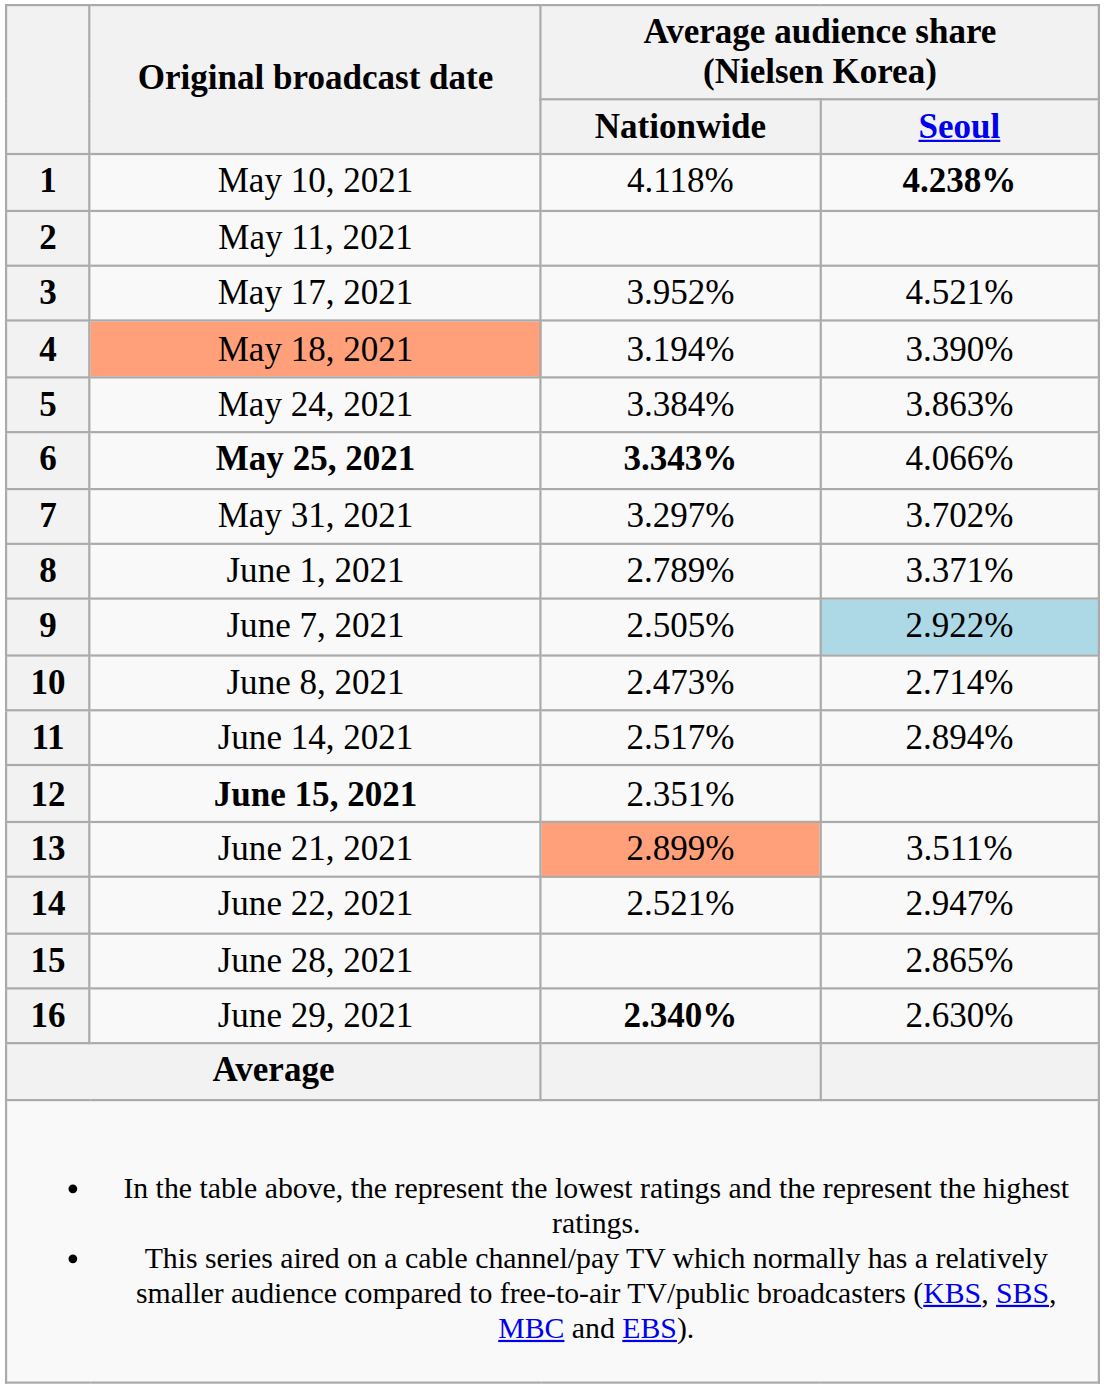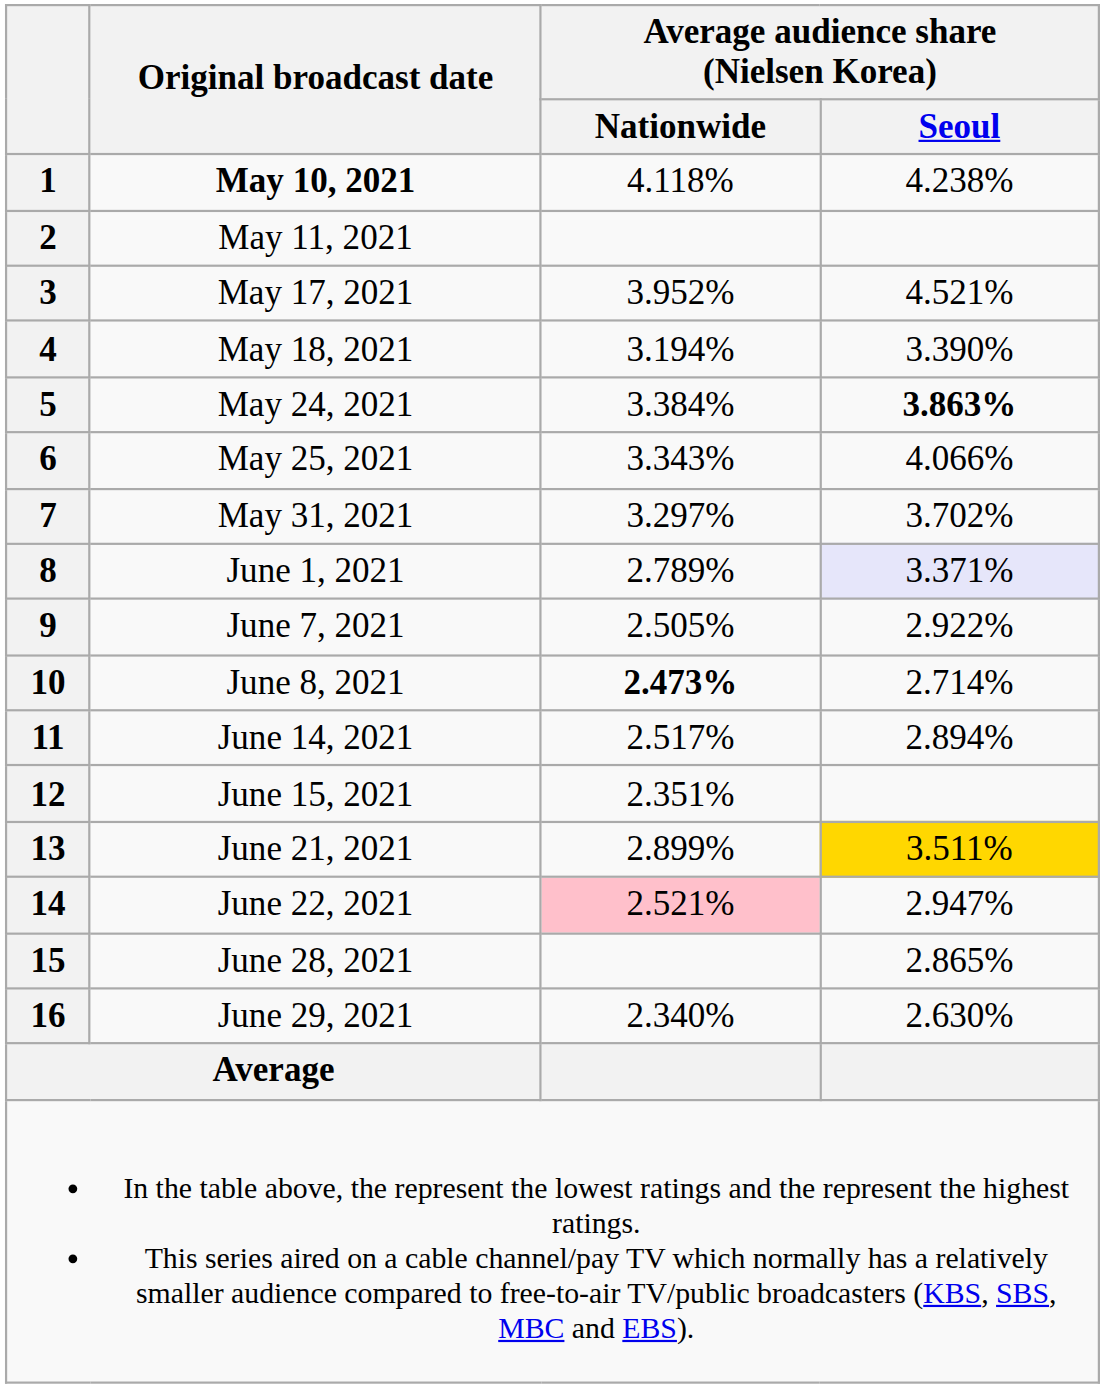 <table class="wikitable" style="text-align:center;max-width:500px; margin-left: auto; margin-right: auto; border: none;">
 <tr>
 </tr>
 <tr>
 <th rowspan="2"></th>
 <th rowspan="2">Original broadcast date</th>
 <th colspan="2">Average audience share<br>(Nielsen Korea)</th>
 </tr>
 <tr>
 <th width="120">Nationwide</th>
 <th width="120"><a href='#'>Seoul</a></th>
 </tr>
 <tr>
 <th>1</th>
-<td>May 10, 2021</td>
+<td><strong>May 10, 2021</strong></td>
 <td>4.118% </td>
-<td><strong>4.238% </strong></td>
+<td>4.238% </td>
 </tr>
 <tr>
 <th>2</th>
 <td>May 11, 2021</td>
 <td> </td>
 <td> </td>
 </tr>
 <tr>
 <th>3</th>
 <td>May 17, 2021</td>
 <td>3.952% </td>
 <td>4.521% </td>
 </tr>
 <tr>
 <th>4</th>
-<td style="background: lightsalmon;">May 18, 2021</td>
+<td>May 18, 2021</td>
 <td>3.194% </td>
 <td>3.390% </td>
 </tr>
 <tr>
 <th>5</th>
 <td>May 24, 2021</td>
 <td>3.384% </td>
-<td>3.863% </td>
+<td><strong>3.863% </strong></td>
 </tr>
 <tr>
 <th>6</th>
-<td><strong>May 25, 2021</strong></td>
-<td><strong>3.343% </strong></td>
+<td>May 25, 2021</td>
+<td>3.343% </td>
 <td>4.066% </td>
 </tr>
 <tr>
 <th>7</th>
 <td>May 31, 2021</td>
 <td>3.297% </td>
 <td>3.702% </td>
 </tr>
 <tr>
 <th>8</th>
 <td>June 1, 2021</td>
 <td>2.789% </td>
-<td>3.371% </td>
+<td style="background: lavender;">3.371% </td>
 </tr>
 <tr>
 <th>9</th>
 <td>June 7, 2021</td>
 <td>2.505% </td>
-<td style="background: lightblue;">2.922% </td>
+<td>2.922% </td>
 </tr>
 <tr>
 <th>10</th>
 <td>June 8, 2021</td>
-<td>2.473% </td>
+<td><strong>2.473% </strong></td>
 <td>2.714% </td>
 </tr>
 <tr>
 <th>11</th>
 <td>June 14, 2021</td>
 <td>2.517% </td>
 <td>2.894% </td>
 </tr>
 <tr>
 <th>12</th>
-<td><strong>June 15, 2021</strong></td>
+<td>June 15, 2021</td>
 <td>2.351% </td>
 <td> </td>
 </tr>
 <tr>
 <th>13</th>
 <td>June 21, 2021</td>
-<td style="background: lightsalmon;">2.899% </td>
-<td>3.511% </td>
+<td>2.899% </td>
+<td style="background: gold;">3.511% </td>
 </tr>
 <tr>
 <th>14</th>
 <td>June 22, 2021</td>
-<td>2.521% </td>
+<td style="background: pink;">2.521% </td>
 <td>2.947% </td>
 </tr>
 <tr>
 <th>15</th>
 <td>June 28, 2021</td>
 <td> </td>
 <td>2.865% </td>
 </tr>
 <tr>
 <th>16</th>
 <td>June 29, 2021</td>
-<td><strong>2.340% </strong></td>
+<td>2.340% </td>
 <td>2.630% </td>
 </tr>
 <tr>
 <th colspan="2">Average</th>
 <th></th>
 <th></th>
 </tr>
 <tr>
 <td colspan="4" style="font-size:85%"><br><ul><li>In the table above, the <strong></strong> represent the lowest ratings and the <strong></strong> represent the highest ratings.</li><li>This series aired on a cable channel/pay TV which normally has a relatively smaller audience compared to free-to-air TV/public broadcasters (<a href='#'>KBS</a>, <a href='#'>SBS</a>, <a href='#'>MBC</a> and <a href='#'>EBS</a>).</li></ul></td>
 </tr>
 </table>
